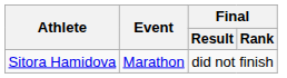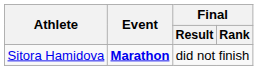 <table class="wikitable" style="font-size:90%">
 <tr>
 <th rowspan="2">Athlete</th>
 <th rowspan="2">Event</th>
 <th colspan="2">Final</th>
 </tr>
 <tr style="font-size:95%">
 <th>Result</th>
 <th>Rank</th>
 </tr>
 <tr style=text-align:center>
 <td style=text-align:left><a href='#'>Sitora Hamidova</a></td>
-<td style=text-align:left><a href='#'>Marathon</a></td>
+<td style=text-align:left><strong><a href='#'>Marathon</a></strong></td>
 <td colspan=2>did not finish</td>
 </tr>
 </table>
